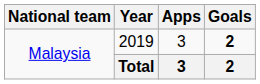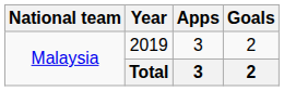 <table class="wikitable" style="text-align:center">
 <tr>
 <th>National team</th>
 <th>Year</th>
 <th>Apps</th>
 <th>Goals</th>
 </tr>
 <tr>
 <td rowspan=2><a href='#'>Malaysia</a></td>
 <td>2019</td>
 <td>3</td>
-<td><strong>2</strong></td>
+<td>2</td>
 </tr>
 <tr>
 <th colspan=1>Total</th>
 <th>3</th>
 <th>2</th>
 </tr>
 </table>
